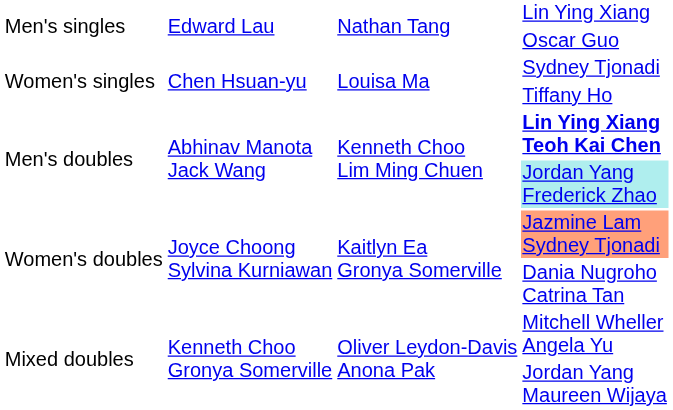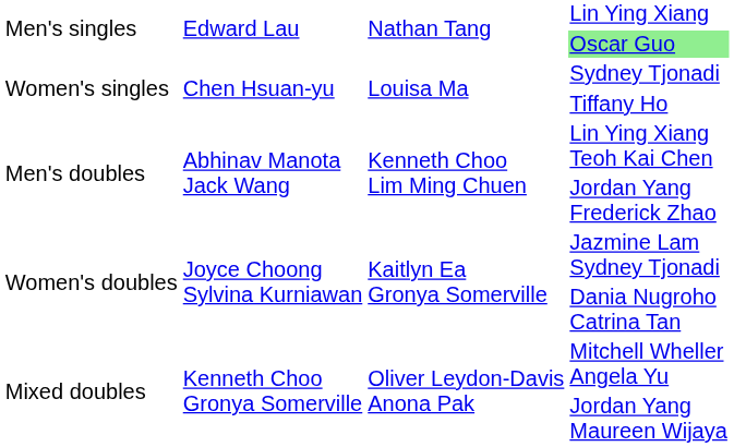 <table>
 <tr>
 <td rowspan="2">Men's singles<br></td>
 <td rowspan="2"> <a href='#'>Edward Lau</a></td>
 <td rowspan="2"> <a href='#'>Nathan Tang</a></td>
 <td> <a href='#'>Lin Ying Xiang</a></td>
 </tr>
 <tr>
-<td> <a href='#'>Oscar Guo</a></td>
+<td style="background: lightgreen;"> <a href='#'>Oscar Guo</a></td>
 </tr>
 <tr>
 <td rowspan="2">Women's singles<br></td>
 <td rowspan="2"> <a href='#'>Chen Hsuan-yu</a></td>
 <td rowspan="2"> <a href='#'>Louisa Ma</a></td>
 <td> <a href='#'>Sydney Tjonadi</a></td>
 </tr>
 <tr>
 <td> <a href='#'>Tiffany Ho</a></td>
 </tr>
 <tr>
 <td rowspan="2">Men's doubles<br></td>
 <td rowspan="2"> <a href='#'>Abhinav Manota</a><br> <a href='#'>Jack Wang</a></td>
 <td rowspan="2"> <a href='#'>Kenneth Choo</a><br> <a href='#'>Lim Ming Chuen</a></td>
-<td><strong> <a href='#'>Lin Ying Xiang</a><br> <a href='#'>Teoh Kai Chen</a></strong></td>
+<td> <a href='#'>Lin Ying Xiang</a><br> <a href='#'>Teoh Kai Chen</a></td>
 </tr>
 <tr>
-<td style="background: paleturquoise;"> <a href='#'>Jordan Yang</a><br> <a href='#'>Frederick Zhao</a></td>
+<td> <a href='#'>Jordan Yang</a><br> <a href='#'>Frederick Zhao</a></td>
 </tr>
 <tr>
 <td rowspan="2">Women's doubles<br></td>
 <td rowspan="2"> <a href='#'>Joyce Choong</a><br> <a href='#'>Sylvina Kurniawan</a></td>
 <td rowspan="2"> <a href='#'>Kaitlyn Ea</a><br> <a href='#'>Gronya Somerville</a></td>
-<td style="background: lightsalmon;"> <a href='#'>Jazmine Lam</a><br> <a href='#'>Sydney Tjonadi</a></td>
+<td> <a href='#'>Jazmine Lam</a><br> <a href='#'>Sydney Tjonadi</a></td>
 </tr>
 <tr>
 <td> <a href='#'>Dania Nugroho</a><br> <a href='#'>Catrina Tan</a></td>
 </tr>
 <tr>
 <td rowspan="2">Mixed doubles<br></td>
 <td rowspan="2"> <a href='#'>Kenneth Choo</a><br> <a href='#'>Gronya Somerville</a></td>
 <td rowspan="2"> <a href='#'>Oliver Leydon-Davis</a><br> <a href='#'>Anona Pak</a></td>
 <td> <a href='#'>Mitchell Wheller</a><br> <a href='#'>Angela Yu</a></td>
 </tr>
 <tr>
 <td> <a href='#'>Jordan Yang</a><br> <a href='#'>Maureen Wijaya</a></td>
 </tr>
 </table>
